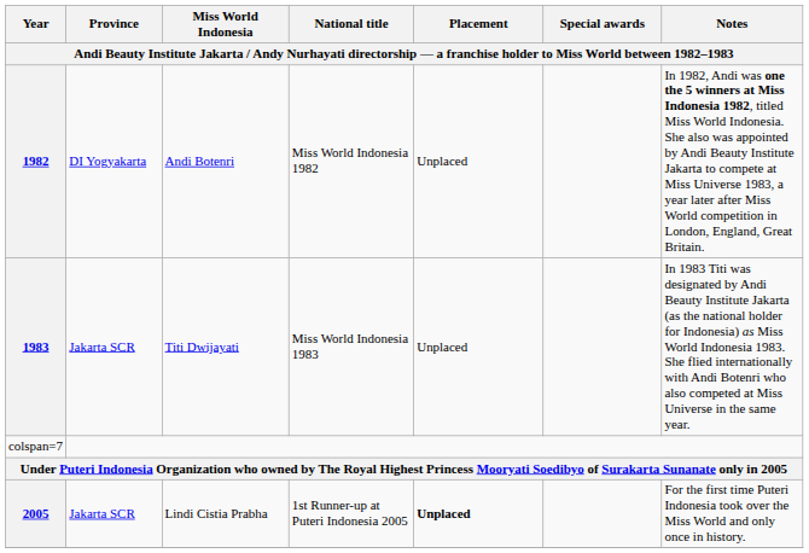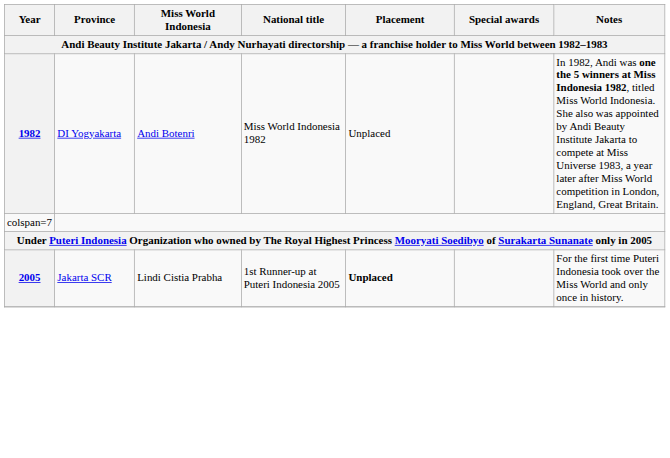 <table class="wikitable " style="font-size: 90%;">
 <tr>
 <th width="60">Year</th>
 <th width="150">Province</th>
 <th width="250">Miss World Indonesia</th>
 <th width="250">National title</th>
 <th width="250">Placement</th>
 <th width="250">Special awards</th>
 <th width="250">Notes</th>
 </tr>
 <tr>
 <th colspan="7">Andi Beauty Institute Jakarta / Andy Nurhayati directorship — a franchise holder to Miss World between 1982–1983</th>
 </tr>
 <tr>
 <th><a href='#'>1982</a></th>
 <td><a href='#'>DI Yogyakarta</a></td>
 <td><a href='#'>Andi Botenri</a></td>
 <td>Miss World Indonesia 1982</td>
 <td>Unplaced</td>
 <td></td>
 <td>In 1982, Andi was <strong>one the 5 winners at Miss Indonesia 1982</strong>, titled Miss World Indonesia. She also was appointed by Andi Beauty Institute Jakarta to compete at Miss Universe 1983, a year later after Miss World competition in London, England, Great Britain.</td>
 </tr>
 <tr>
-<th><a href='#'>1983</a></th>
-<td><a href='#'>Jakarta SCR</a></td>
-<td><a href='#'>Titi Dwijayati</a></td>
-<td>Miss World Indonesia 1983</td>
-<td>Unplaced</td>
-<td></td>
-<td>In 1983 Titi was designated by Andi Beauty Institute Jakarta (as the national holder for Indonesia) <em>as</em> Miss World Indonesia 1983. She flied internationally with Andi Botenri who also competed at Miss Universe in the same year.</td>
-</tr>
-<tr>
 <td>colspan=7 </td>
 </tr>
 <tr>
 <th colspan="7">Under <a href='#'>Puteri Indonesia</a> Organization who owned by The Royal Highest Princess <a href='#'>Mooryati Soedibyo</a> of <a href='#'>Surakarta Sunanate</a> only in 2005</th>
 </tr>
 <tr>
 <th><a href='#'>2005</a></th>
 <td><a href='#'>Jakarta SCR</a></td>
 <td>Lindi Cistia Prabha</td>
 <td>1st Runner-up at Puteri Indonesia 2005</td>
 <td><strong>Unplaced</strong></td>
 <td></td>
 <td>For the first time Puteri Indonesia took over the Miss World and only once in history.</td>
 </tr>
 <tr>
 </tr>
 </table>
